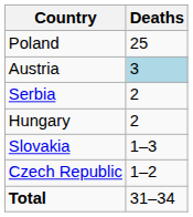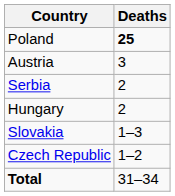 <table class="wikitable">
 <tr>
 <th>Country</th>
 <th>Deaths</th>
 </tr>
 <tr>
 <td>Poland</td>
-<td>25</td>
+<td><strong>25</strong></td>
 </tr>
 <tr>
 <td>Austria</td>
-<td style="background: lightblue;">3</td>
+<td>3</td>
 </tr>
 <tr>
 <td><a href='#'>Serbia</a></td>
 <td>2</td>
 </tr>
 <tr>
 <td>Hungary</td>
 <td>2</td>
 </tr>
 <tr>
 <td><a href='#'>Slovakia</a></td>
 <td>1–3</td>
 </tr>
 <tr>
 <td><a href='#'>Czech Republic</a></td>
 <td>1–2</td>
 </tr>
 <tr>
 <td><strong>Total</strong></td>
 <td>31–34</td>
 </tr>
 </table>
